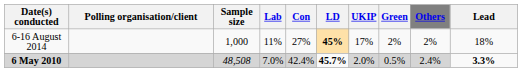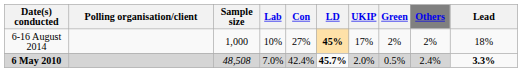 <table class="wikitable sortable" style="text-align:center;font-size:90%;line-height:14px">
 <tr>
 <th ! style="width:85px;">Date(s)<br>conducted</th>
 <th style="width:200px;">Polling organisation/client</th>
 <th class="unsortable" style="width:60px;">Sample size</th>
 <th class="unsortable" style="background:"><a href='#'><span>Lab</span></a></th>
 <th class="unsortable" style="background:"><a href='#'><span>Con</span></a></th>
 <th class="unsortable" style="background:"><a href='#'><span>LD</span></a></th>
 <th class="unsortable" style="background:"><a href='#'><span>UKIP</span></a></th>
 <th class="unsortable" style="background:"><a href='#'><span>Green</span></a></th>
 <th class="unsortable" style="background:gray; width:50px;"><a href='#'><span>Others</span></a></th>
 <th class="unsortable" style="width:90px;">Lead</th>
 </tr>
 <tr>
 <td>6-16 August 2014</td>
 <td></td>
 <td>1,000</td>
-<td>11%</td>
+<td>10%</td>
 <td>27%</td>
 <td style="background:#FEE1A8"><strong>45%</strong></td>
 <td>17%</td>
 <td>2%</td>
 <td>2%</td>
 <td style="background:">18%</td>
 </tr>
 <tr>
 <td style="background:#D5D5D5"><strong>6 May 2010</strong></td>
 <td style="background:#D5D5D5"></td>
 <td style="background:#D5D5D5"><em>48,508</em></td>
 <td style="background:#D5D5D5">7.0%</td>
 <td style="background:#D5D5D5">42.4%</td>
 <td style="background:"><strong>45.7%</strong></td>
 <td style="background:#D5D5D5">2.0%</td>
 <td style="background:#D5D5D5">0.5%</td>
 <td style="background:#D5D5D5">2.4%</td>
 <td style="background:"><strong>3.3% </strong></td>
 </tr>
 </table>
